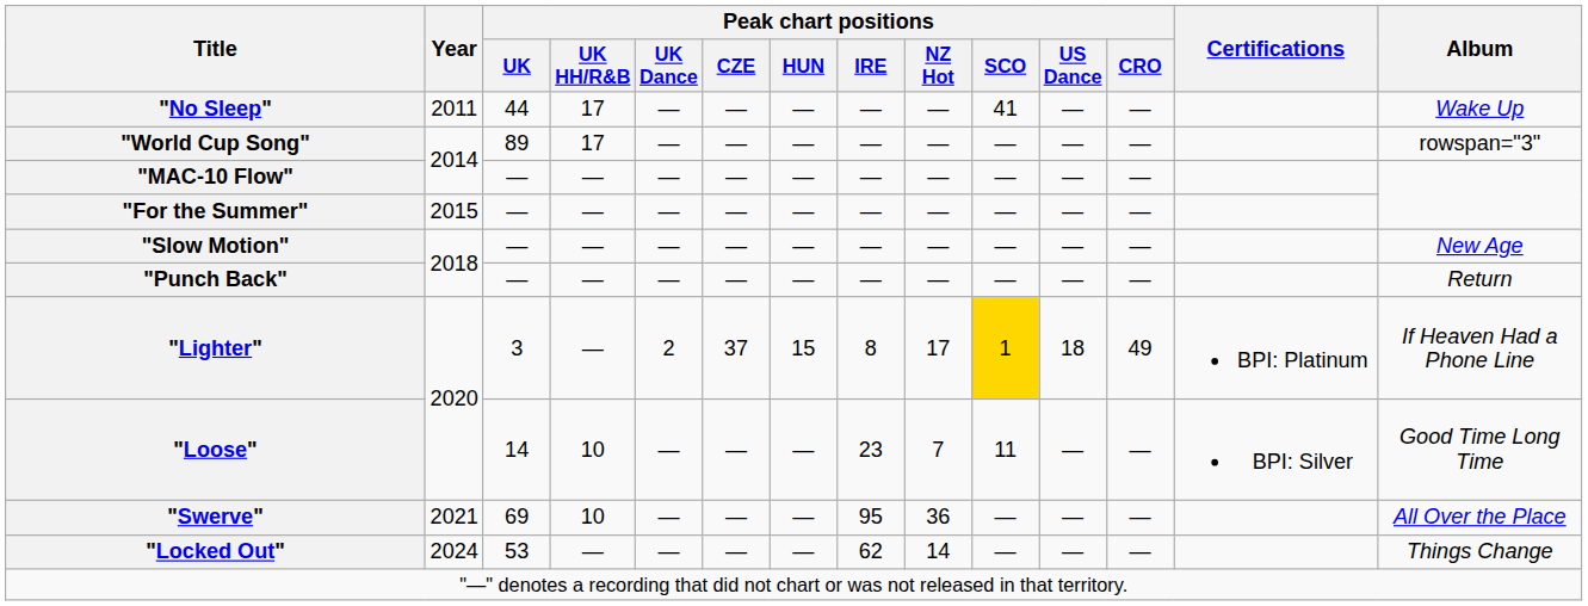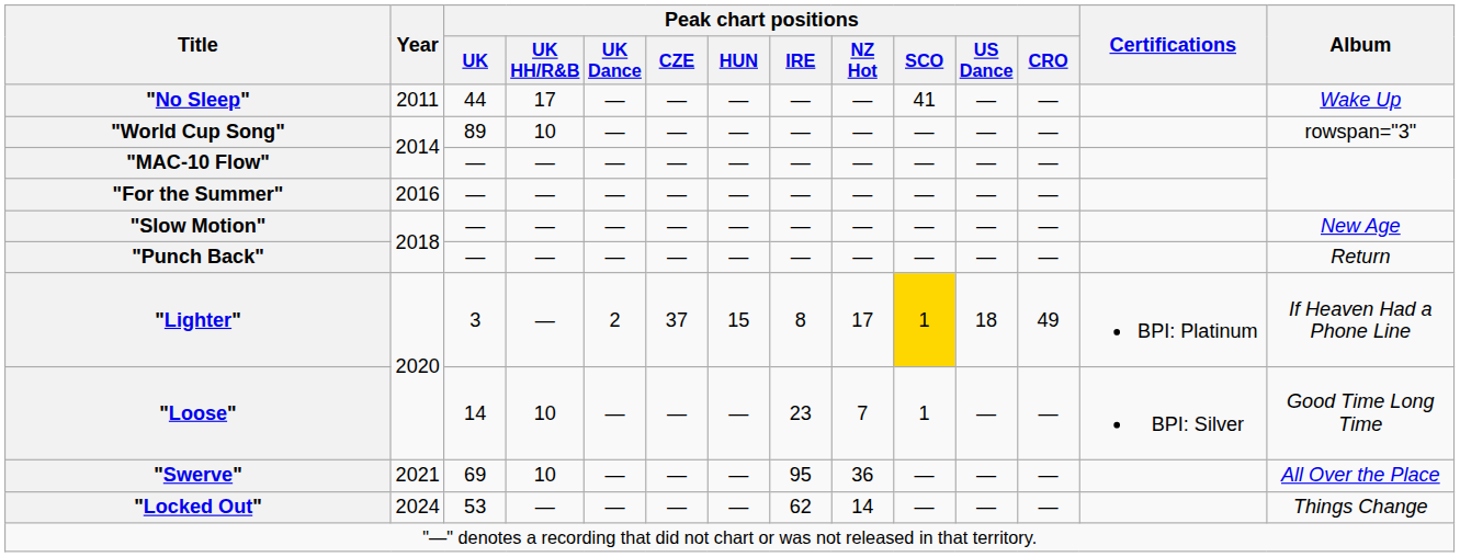 <table class="wikitable plainrowheaders" style="text-align:center;">
 <tr>
 <th scope="col" rowspan="2" style="width:19em;">Title</th>
 <th scope="col" rowspan="2" style="width:1em;">Year</th>
 <th colspan="10" scope="col">Peak chart positions</th>
 <th scope="col" rowspan="2" style="width:9em;"><a href='#'>Certifications</a></th>
 <th scope="col" rowspan="2" style="width:9em;">Album</th>
 </tr>
 <tr>
 <th scope="col" style="width:3em;font-size:90%;"><a href='#'>UK</a><br></th>
 <th scope="col" style="width:3em;font-size:90%;"><a href='#'>UK<br>HH/R&B</a><br></th>
 <th scope="col" style="width:3em;font-size:90%;"><a href='#'>UK<br>Dance</a><br></th>
 <th scope="col" style="width:3em;font-size:90%;"><a href='#'>CZE</a><br></th>
 <th scope="col" style="width:3em;font-size: 90%;"><a href='#'>HUN</a><br></th>
 <th scope="col" style="width:3em;font-size:90%;"><a href='#'>IRE</a><br></th>
 <th scope="col" style="width:3em;font-size:90%;"><a href='#'>NZ<br>Hot</a><br></th>
 <th scope="col" style="width:3em;font-size:90%;"><a href='#'>SCO</a></th>
 <th scope="col" style="width:3em;font-size:90%;"><a href='#'>US<br>Dance</a><br></th>
 <th scope="col" style="width:3em;font-size:90%;"><a href='#'>CRO</a></th>
 </tr>
 <tr>
 <th scope="row">"<a href='#'>No Sleep</a>"<br></th>
 <td>2011</td>
 <td>44</td>
 <td>17</td>
 <td>—</td>
 <td>—</td>
 <td>—</td>
 <td>—</td>
 <td>—</td>
 <td>41</td>
 <td>—</td>
 <td>—</td>
 <td></td>
 <td><em><a href='#'>Wake Up</a></em></td>
 </tr>
 <tr>
 <th scope="row">"World Cup Song"<br></th>
 <td rowspan="2">2014</td>
 <td>89</td>
-<td>17</td>
+<td>10</td>
 <td>—</td>
 <td>—</td>
 <td>—</td>
 <td>—</td>
 <td>—</td>
 <td>—</td>
 <td>—</td>
 <td>—</td>
 <td></td>
 <td>rowspan="3" </td>
 </tr>
 <tr>
 <th scope="row">"MAC-10 Flow"<br></th>
 <td>—</td>
 <td>—</td>
 <td>—</td>
 <td>—</td>
 <td>—</td>
 <td>—</td>
 <td>—</td>
 <td>—</td>
 <td>—</td>
 <td>—</td>
 <td></td>
 </tr>
 <tr>
 <th scope="row">"For the Summer"<br></th>
-<td>2015</td>
+<td>2016</td>
 <td>—</td>
 <td>—</td>
 <td>—</td>
 <td>—</td>
 <td>—</td>
 <td>—</td>
 <td>—</td>
 <td>—</td>
 <td>—</td>
 <td>—</td>
 <td></td>
 </tr>
 <tr>
 <th scope="row">"Slow Motion"<br></th>
 <td rowspan="2">2018</td>
 <td>—</td>
 <td>—</td>
 <td>—</td>
 <td>—</td>
 <td>—</td>
 <td>—</td>
 <td>—</td>
 <td>—</td>
 <td>—</td>
 <td>—</td>
 <td></td>
 <td><em><a href='#'>New Age</a></em></td>
 </tr>
 <tr>
 <th scope="row">"Punch Back"<br></th>
 <td>—</td>
 <td>—</td>
 <td>—</td>
 <td>—</td>
 <td>—</td>
 <td>—</td>
 <td>—</td>
 <td>—</td>
 <td>—</td>
 <td>—</td>
 <td></td>
 <td><em>Return</em></td>
 </tr>
 <tr>
 <th scope="row">"<a href='#'>Lighter</a>"<br></th>
 <td rowspan="2">2020</td>
 <td>3</td>
 <td>—</td>
 <td>2</td>
 <td>37</td>
 <td>15</td>
 <td>8</td>
 <td>17</td>
 <td style="background: gold;">1</td>
 <td>18</td>
 <td>49</td>
 <td><br><ul><li>BPI: Platinum</li></ul></td>
 <td><em>If Heaven Had a Phone Line</em></td>
 </tr>
 <tr>
 <th scope="row">"<a href='#'>Loose</a>"<br></th>
 <td>14</td>
 <td>10</td>
 <td>—</td>
 <td>—</td>
 <td>—</td>
 <td>23</td>
 <td>7</td>
-<td>11</td>
+<td>1</td>
 <td>—</td>
 <td>—</td>
 <td><br><ul><li>BPI: Silver</li></ul></td>
 <td><em>Good Time Long Time</em></td>
 </tr>
 <tr>
 <th scope="row">"<a href='#'>Swerve</a>"<br></th>
 <td>2021</td>
 <td>69</td>
 <td>10</td>
 <td>—</td>
 <td>—</td>
 <td>—</td>
 <td>95</td>
 <td>36</td>
 <td>—</td>
 <td>—</td>
 <td>—</td>
 <td></td>
 <td><em><a href='#'>All Over the Place</a></em></td>
 </tr>
 <tr>
 <th scope="row">"<a href='#'>Locked Out</a>"<br></th>
 <td>2024</td>
 <td>53</td>
 <td>—</td>
 <td>—</td>
 <td>—</td>
 <td>—</td>
 <td>62</td>
 <td>14</td>
 <td>—</td>
 <td>—</td>
 <td>—</td>
 <td></td>
 <td><em>Things Change</em></td>
 </tr>
 <tr>
 <td colspan="14" style="font-size:90%">"—" denotes a recording that did not chart or was not released in that territory.</td>
 </tr>
 </table>
